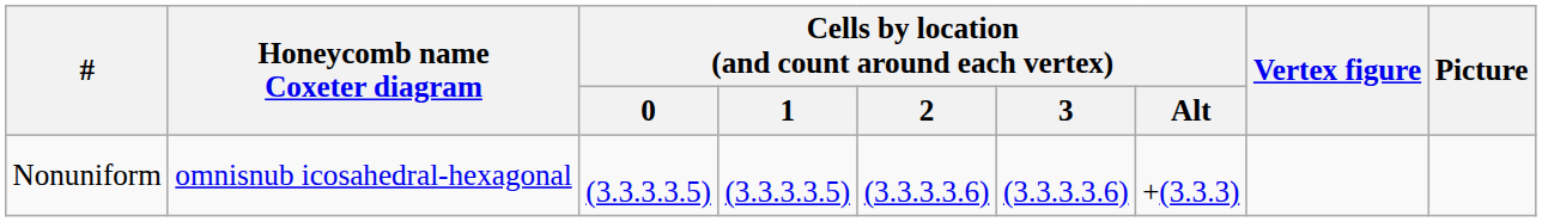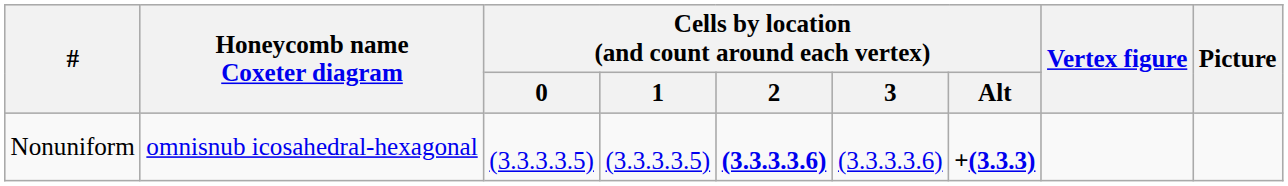 <table class="wikitable">
 <tr>
 <th rowspan=2>#</th>
 <th rowspan=2>Honeycomb name<br><a href='#'>Coxeter diagram</a></th>
 <th colspan=5>Cells by location<br>(and count around each vertex)</th>
 <th rowspan=2><a href='#'>Vertex figure</a></th>
 <th rowspan=2>Picture</th>
 </tr>
 <tr>
 <th>0<br></th>
 <th>1<br></th>
 <th>2<br></th>
 <th>3<br></th>
 <th>Alt</th>
 </tr>
 <tr align=center>
 <td>Nonuniform</td>
 <td><a href='#'>omnisnub icosahedral-hexagonal</a><br></td>
 <td><br><a href='#'>(3.3.3.3.5)</a></td>
 <td><br><a href='#'>(3.3.3.3.5)</a></td>
+<td><strong><br><a href='#'>(3.3.3.3.6)</a></strong></td>
 <td><br><a href='#'>(3.3.3.3.6)</a></td>
-<td><br><a href='#'>(3.3.3.3.6)</a></td>
-<td><br>+<a href='#'>(3.3.3)</a></td>
+<td><strong><br>+<a href='#'>(3.3.3)</a></strong></td>
 <td></td>
 <td></td>
 </tr>
 </table>
